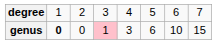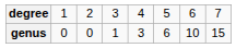 <table style="text-align: center; margin: auto;" class="wikitable">
 <tr>
 <th>degree</th>
 <td>  1  </td>
 <td>  2  </td>
 <td>  3  </td>
 <td>  4  </td>
 <td>  5  </td>
 <td>  6  </td>
 <td>  7  </td>
 </tr>
 <tr>
 <th>genus</th>
-<td><strong>0</strong></td>
 <td>0</td>
-<td style="background: pink;">1</td>
+<td>0</td>
+<td>1</td>
 <td>3</td>
 <td>6</td>
 <td>10</td>
 <td>15</td>
 </tr>
 </table>
